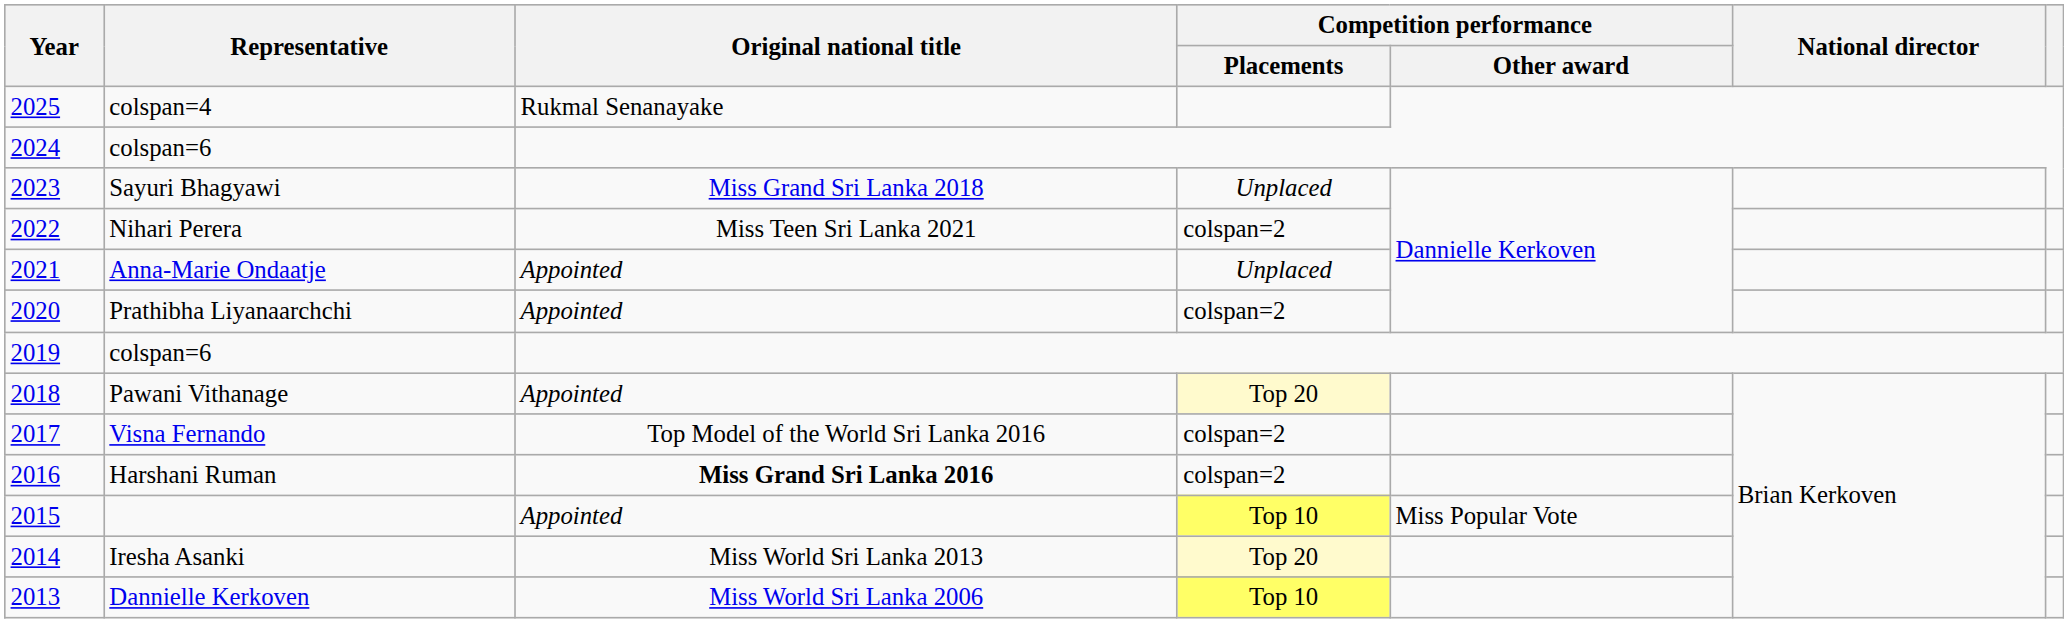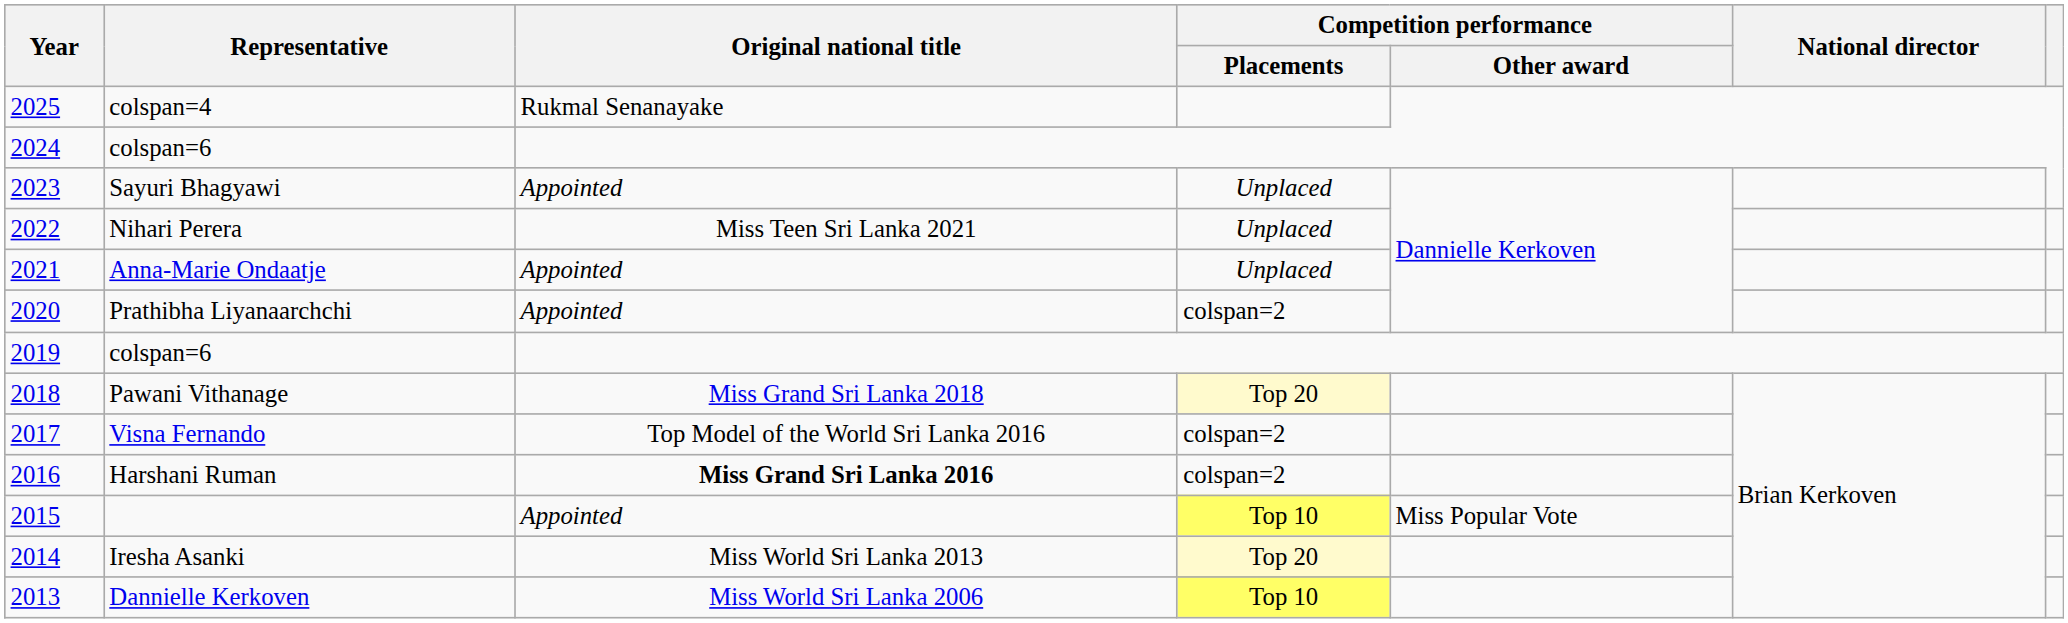 <table class="wikitable defaultcenter col2left" style="font-size:95%; width:100%">
 <tr>
 <th rowspan=2>Year</th>
 <th rowspan=2>Representative</th>
 <th rowspan=2>Original national title</th>
 <th colspan=2>Competition performance</th>
 <th rowspan=2>National director</th>
 <th rowspan=2></th>
 </tr>
 <tr>
 <th>Placements</th>
 <th>Other award</th>
 </tr>
 <tr>
 <td><a href='#'>2025</a></td>
 <td>colspan=4 </td>
 <td>Rukmal Senanayake</td>
 <td></td>
 </tr>
 <tr>
 <td><a href='#'>2024</a></td>
 <td>colspan=6 </td>
 </tr>
 <tr>
 <td><a href='#'>2023</a></td>
 <td>Sayuri Bhagyawi</td>
-<td style="text-align:center"><a href='#'>Miss Grand Sri Lanka 2018</a></td>
+<td><em>Appointed</em></td>
 <td style="text-align:center"><em>Unplaced</em></td>
 <td rowspan=4><a href='#'>Dannielle Kerkoven</a></td>
 <td style="text-align:center"></td>
 </tr>
 <tr>
 <td><a href='#'>2022</a></td>
 <td>Nihari Perera</td>
 <td style="text-align:center">Miss Teen Sri Lanka 2021</td>
-<td>colspan=2 </td>
+<td style="text-align:center"><em>Unplaced</em></td>
 <td></td>
 <td style="text-align:center"></td>
 </tr>
 <tr>
 <td><a href='#'>2021</a></td>
 <td><a href='#'>Anna-Marie Ondaatje</a></td>
 <td><em>Appointed</em></td>
 <td style="text-align:center"><em>Unplaced</em></td>
 <td></td>
 <td style="text-align:center"></td>
 </tr>
 <tr>
 <td><a href='#'>2020</a></td>
 <td>Prathibha Liyanaarchchi</td>
 <td><em>Appointed</em></td>
 <td>colspan=2 </td>
 <td></td>
 <td style="text-align:center"></td>
 </tr>
 <tr>
 <td><a href='#'>2019</a></td>
 <td>colspan=6 </td>
 </tr>
 <tr>
 <td><a href='#'>2018</a></td>
 <td>Pawani Vithanage</td>
-<td><em>Appointed</em></td>
+<td style="text-align:center"><a href='#'>Miss Grand Sri Lanka 2018</a></td>
 <td style="text-align:center; background:#FFFACD">Top 20</td>
 <td></td>
 <td rowspan=6>Brian Kerkoven</td>
 <td style="text-align:center"></td>
 </tr>
 <tr>
 <td><a href='#'>2017</a></td>
 <td><a href='#'>Visna Fernando</a></td>
 <td style="text-align:center">Top Model of the World Sri Lanka 2016</td>
 <td>colspan=2 </td>
 <td></td>
 <td style="text-align:center"></td>
 </tr>
 <tr>
 <td><a href='#'>2016</a></td>
 <td>Harshani Ruman</td>
 <td style="text-align:center"><strong>Miss Grand Sri Lanka 2016</strong></td>
 <td>colspan=2 </td>
 <td></td>
 <td style="text-align:center"></td>
 </tr>
 <tr>
 <td><a href='#'>2015</a></td>
 <td></td>
 <td><em>Appointed</em></td>
 <td style="text-align:center; background:#FFFF66">Top 10</td>
 <td>Miss Popular Vote</td>
 <td style="text-align:center"></td>
 </tr>
 <tr>
 <td><a href='#'>2014</a></td>
 <td>Iresha Asanki</td>
 <td style="text-align:center">Miss World Sri Lanka 2013</td>
 <td style="text-align:center; background:#FFFACD">Top 20</td>
 <td></td>
 <td style="text-align:center"></td>
 </tr>
 <tr>
 <td><a href='#'>2013</a></td>
 <td><a href='#'>Dannielle Kerkoven</a></td>
 <td style="text-align:center"><a href='#'>Miss World Sri Lanka 2006</a></td>
 <td style="text-align:center; background:#FFFF66">Top 10</td>
 <td></td>
 <td style="text-align:center"></td>
 </tr>
 </table>
